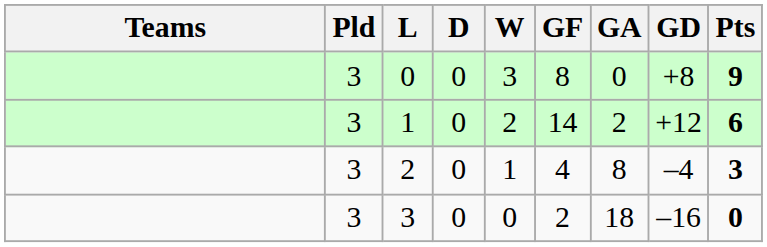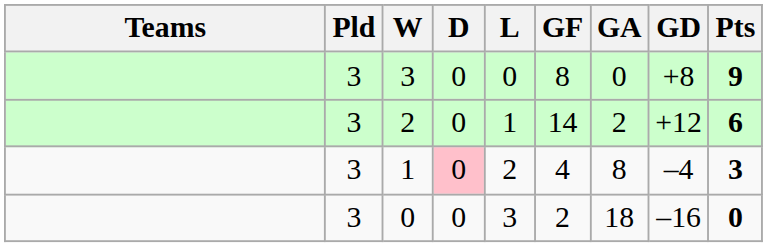 <table class="wikitable" style="text-align: center;">
 <tr>
 <th width=165>Teams</th>
 <th width=20>Pld</th>
+<th width=20>W</th>
+<th width=20>D</th>
 <th width=20>L</th>
-<th width=20>D</th>
-<th width=20>W</th>
 <th width=20>GF</th>
 <th width=20>GA</th>
 <th width=20>GD</th>
 <th width=20>Pts</th>
 </tr>
 <tr align=center style="background:#ccffcc;">
 <td style="text-align:left;"></td>
 <td>3</td>
+<td>3</td>
 <td>0</td>
 <td>0</td>
-<td>3</td>
 <td>8</td>
 <td>0</td>
 <td>+8</td>
 <td><strong>9</strong></td>
 </tr>
 <tr align=center style="background:#ccffcc;">
 <td style="text-align:left;"></td>
 <td>3</td>
+<td>2</td>
+<td>0</td>
 <td>1</td>
-<td>0</td>
-<td>2</td>
 <td>14</td>
 <td>2</td>
 <td>+12</td>
 <td><strong>6</strong></td>
 </tr>
 <tr align=center>
 <td style="text-align:left;"></td>
 <td>3</td>
+<td>1</td>
+<td style="background: pink;">0</td>
 <td>2</td>
-<td>0</td>
-<td>1</td>
 <td>4</td>
 <td>8</td>
 <td>–4</td>
 <td><strong>3</strong></td>
 </tr>
 <tr align=center>
 <td style="text-align:left;"></td>
 <td>3</td>
-<td>3</td>
 <td>0</td>
 <td>0</td>
+<td>3</td>
 <td>2</td>
 <td>18</td>
 <td>–16</td>
 <td><strong>0</strong></td>
 </tr>
 </table>
